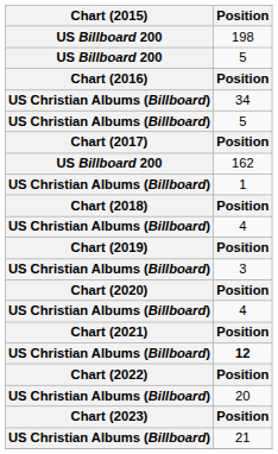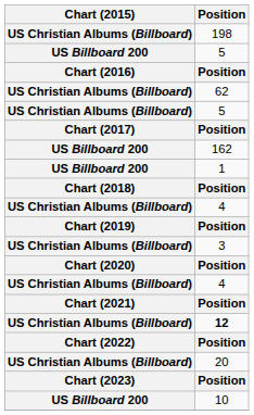 <table class="wikitable plainrowheaders" style="text-align:center">
 <tr>
 <th scope="col">Chart (2015)</th>
 <th scope="col">Position</th>
 </tr>
 <tr>
-<th scope="row">US <em>Billboard</em> 200</th>
+<th scope="row">US Christian Albums (<em>Billboard</em>)</th>
 <td>198</td>
 </tr>
 <tr>
 <th scope="row">US <em>Billboard</em> 200</th>
 <td>5</td>
 </tr>
 <tr>
 <th scope="col">Chart (2016)</th>
 <th scope="col">Position</th>
 </tr>
 <tr>
 <th scope="row">US Christian Albums (<em>Billboard</em>)</th>
-<td>34</td>
+<td>62</td>
 </tr>
 <tr>
 <th scope="row">US Christian Albums (<em>Billboard</em>)</th>
 <td>5</td>
 </tr>
 <tr>
 <th scope="col">Chart (2017)</th>
 <th scope="col">Position</th>
 </tr>
 <tr>
 <th scope="row">US <em>Billboard</em> 200</th>
 <td>162</td>
 </tr>
 <tr>
-<th scope="row">US Christian Albums (<em>Billboard</em>)</th>
+<th scope="row">US <em>Billboard</em> 200</th>
 <td>1</td>
 </tr>
 <tr>
 <th scope="col">Chart (2018)</th>
 <th scope="col">Position</th>
 </tr>
 <tr>
 <th scope="row">US Christian Albums (<em>Billboard</em>)</th>
 <td>4</td>
 </tr>
 <tr>
 <th scope="col">Chart (2019)</th>
 <th scope="col">Position</th>
 </tr>
 <tr>
 <th scope="row">US Christian Albums (<em>Billboard</em>)</th>
 <td>3</td>
 </tr>
 <tr>
 <th scope="col">Chart (2020)</th>
 <th scope="col">Position</th>
 </tr>
 <tr>
 <th scope="row">US Christian Albums (<em>Billboard</em>)</th>
 <td>4</td>
 </tr>
 <tr>
 <th scope="col">Chart (2021)</th>
 <th scope="col">Position</th>
 </tr>
 <tr>
 <th scope="row">US Christian Albums (<em>Billboard</em>)</th>
 <td><strong>12</strong></td>
 </tr>
 <tr>
 <th scope="col">Chart (2022)</th>
 <th scope="col">Position</th>
 </tr>
 <tr>
 <th scope="row">US Christian Albums (<em>Billboard</em>)</th>
 <td>20</td>
 </tr>
 <tr>
 <th scope="col">Chart (2023)</th>
 <th scope="col">Position</th>
 </tr>
 <tr>
-<th scope="row">US Christian Albums (<em>Billboard</em>)</th>
-<td>21</td>
+<th scope="row">US <em>Billboard</em> 200</th>
+<td>10</td>
 </tr>
 <tr>
 </tr>
 </table>
